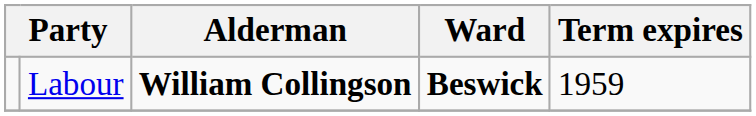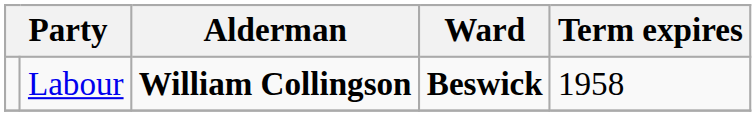 <table class="wikitable">
 <tr>
 <th colspan="2">Party</th>
 <th>Alderman</th>
 <th>Ward</th>
 <th>Term expires</th>
 </tr>
 <tr>
 <td style="background-color:"></td>
 <td><a href='#'>Labour</a></td>
 <td><strong>William Collingson</strong></td>
 <td><strong>Beswick</strong></td>
-<td>1959</td>
+<td>1958</td>
 </tr>
 <tr>
 </tr>
 </table>
